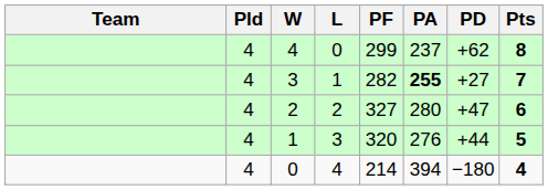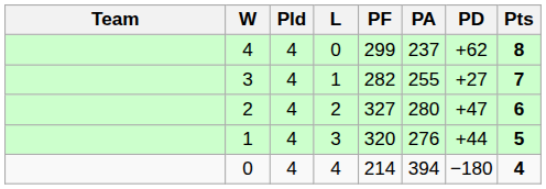 <table class=wikitable style="text-align:center">
 <tr>
 <th width=180>Team</th>
+<th width=30>W</th>
 <th width=30>Pld</th>
-<th width=30>W</th>
 <th width=30>L</th>
 <th width=30>PF</th>
 <th width=30>PA</th>
 <th width=30>PD</th>
 <th width=30>Pts</th>
 </tr>
 <tr align=center bgcolor="#ccffcc">
 <td align=left></td>
 <td>4</td>
 <td>4</td>
 <td>0</td>
 <td>299</td>
 <td>237</td>
 <td>+62</td>
 <td><strong>8</strong></td>
 </tr>
 <tr align=center bgcolor="#ccffcc">
 <td align=left></td>
+<td>3</td>
 <td>4</td>
-<td>3</td>
 <td>1</td>
 <td>282</td>
-<td><strong>255</strong></td>
+<td>255</td>
 <td>+27</td>
 <td><strong>7</strong></td>
 </tr>
 <tr align=center bgcolor="#ccffcc">
 <td align=left></td>
+<td>2</td>
 <td>4</td>
-<td>2</td>
 <td>2</td>
 <td>327</td>
 <td>280</td>
 <td>+47</td>
 <td><strong>6</strong></td>
 </tr>
 <tr align=center bgcolor="#ccffcc">
 <td align=left></td>
+<td>1</td>
 <td>4</td>
-<td>1</td>
 <td>3</td>
 <td>320</td>
 <td>276</td>
 <td>+44</td>
 <td><strong>5</strong></td>
 </tr>
 <tr>
 <td align=left></td>
+<td>0</td>
 <td>4</td>
-<td>0</td>
 <td>4</td>
 <td>214</td>
 <td>394</td>
 <td>−180</td>
 <td><strong>4</strong></td>
 </tr>
 </table>
